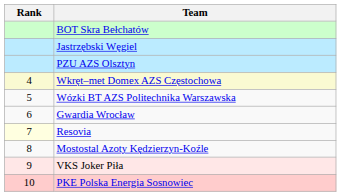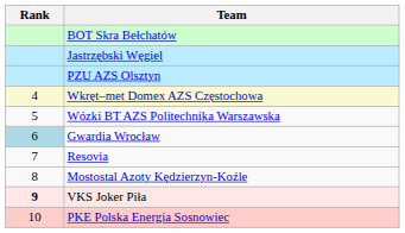 <table class="wikitable" style="white-space: nowrap; width:25%;">
 <tr>
 <th width=15%>Rank</th>
 <th>Team</th>
 </tr>
 <tr bgcolor=#CCFFCC>
 <td style="text-align:center;"></td>
 <td><a href='#'>BOT Skra Bełchatów</a></td>
 </tr>
 <tr bgcolor=#BBEBFF>
 <td style="text-align:center;"></td>
 <td><a href='#'>Jastrzębski Węgiel</a></td>
 </tr>
 <tr bgcolor=#BBEBFF>
 <td style="text-align:center;"></td>
 <td><a href='#'>PZU AZS Olsztyn</a></td>
 </tr>
 <tr bgcolor=#FAFAD2>
 <td style="text-align:center;">4</td>
 <td><a href='#'>Wkręt–met Domex AZS Częstochowa</a></td>
 </tr>
 <tr>
 <td style="text-align:center;">5</td>
 <td><a href='#'>Wózki BT AZS Politechnika Warszawska</a></td>
 </tr>
 <tr>
-<td style="text-align:center;">6</td>
+<td style="background: lightblue; text-align:center;">6</td>
 <td><a href='#'>Gwardia Wrocław</a></td>
 </tr>
 <tr>
-<td style="background: lightyellow; text-align:center;">7</td>
+<td style="text-align:center;">7</td>
 <td><a href='#'>Resovia</a></td>
 </tr>
 <tr>
 <td style="text-align:center;">8</td>
 <td><a href='#'>Mostostal Azoty Kędzierzyn-Koźle</a></td>
 </tr>
 <tr bgcolor=#FFE7E7>
-<td style="text-align:center;">9</td>
+<td style="text-align:center;"><strong>9</strong></td>
 <td>VKS Joker Piła</td>
 </tr>
 <tr bgcolor=#FFCCCC>
 <td style="text-align:center;">10</td>
 <td><a href='#'>PKE Polska Energia Sosnowiec</a></td>
 </tr>
 </table>
